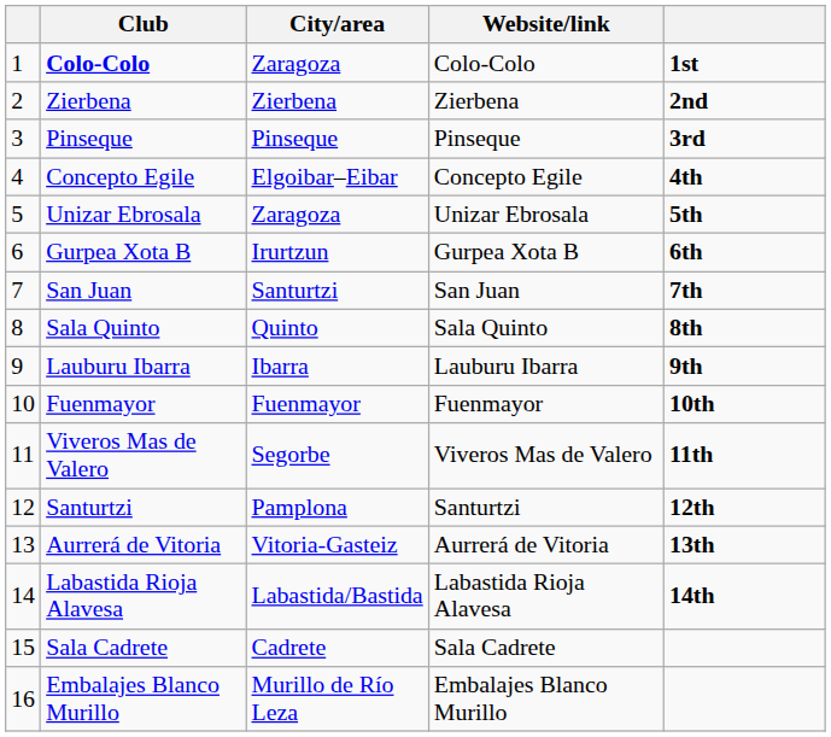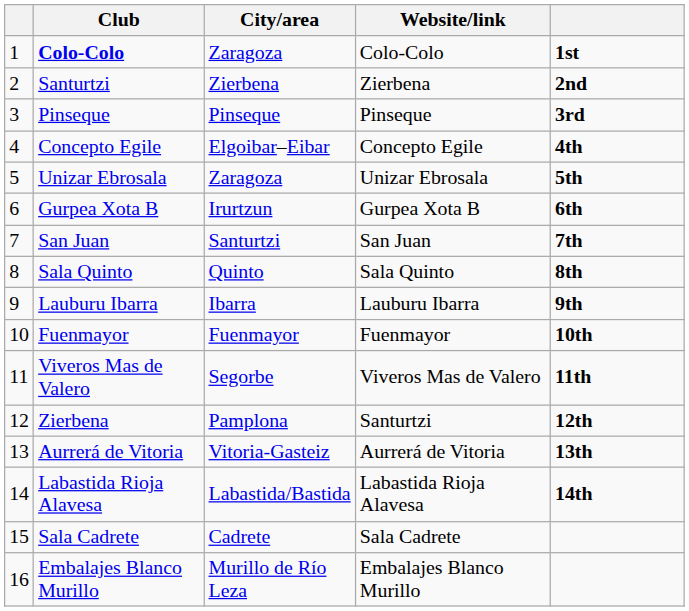 <table class="wikitable sortable">
 <tr>
 <th width=5></th>
 <th width=130>Club</th>
 <th width=95>City/area</th>
 <th width=150>Website/link</th>
 <th width=100></th>
 </tr>
 <tr>
 <td>1</td>
 <td><strong><a href='#'>Colo-Colo</a></strong></td>
 <td><a href='#'>Zaragoza</a></td>
 <td>Colo-Colo</td>
 <td><strong>1st</strong></td>
 </tr>
 <tr>
 <td>2</td>
-<td><a href='#'>Zierbena</a></td>
+<td><a href='#'>Santurtzi</a></td>
 <td><a href='#'>Zierbena</a></td>
 <td>Zierbena</td>
 <td><strong>2nd</strong></td>
 </tr>
 <tr>
 <td>3</td>
 <td><a href='#'>Pinseque</a></td>
 <td><a href='#'>Pinseque</a></td>
 <td>Pinseque</td>
 <td><strong>3rd</strong></td>
 </tr>
 <tr>
 <td>4</td>
 <td><a href='#'>Concepto Egile</a></td>
 <td><a href='#'>Elgoibar</a>–<a href='#'>Eibar</a></td>
 <td>Concepto Egile</td>
 <td><strong>4th</strong></td>
 </tr>
 <tr>
 <td>5</td>
 <td><a href='#'>Unizar Ebrosala</a></td>
 <td><a href='#'>Zaragoza</a></td>
 <td>Unizar Ebrosala</td>
 <td><strong>5th</strong></td>
 </tr>
 <tr>
 <td>6</td>
 <td><a href='#'>Gurpea Xota B</a></td>
 <td><a href='#'>Irurtzun</a></td>
 <td>Gurpea Xota B</td>
 <td><strong>6th</strong></td>
 </tr>
 <tr>
 <td>7</td>
 <td><a href='#'>San Juan</a></td>
 <td><a href='#'>Santurtzi</a></td>
 <td>San Juan</td>
 <td><strong>7th</strong></td>
 </tr>
 <tr>
 <td>8</td>
 <td><a href='#'>Sala Quinto</a></td>
 <td><a href='#'>Quinto</a></td>
 <td>Sala Quinto</td>
 <td><strong>8th</strong></td>
 </tr>
 <tr>
 <td>9</td>
 <td><a href='#'>Lauburu Ibarra</a></td>
 <td><a href='#'>Ibarra</a></td>
 <td>Lauburu Ibarra</td>
 <td><strong>9th</strong></td>
 </tr>
 <tr>
 <td>10</td>
 <td><a href='#'>Fuenmayor</a></td>
 <td><a href='#'>Fuenmayor</a></td>
 <td>Fuenmayor</td>
 <td><strong>10th</strong></td>
 </tr>
 <tr>
 <td>11</td>
 <td><a href='#'>Viveros Mas de Valero</a></td>
 <td><a href='#'>Segorbe</a></td>
 <td>Viveros Mas de Valero</td>
 <td><strong>11th</strong></td>
 </tr>
 <tr>
 <td>12</td>
-<td><a href='#'>Santurtzi</a></td>
+<td><a href='#'>Zierbena</a></td>
 <td><a href='#'>Pamplona</a></td>
 <td>Santurtzi</td>
 <td><strong>12th</strong></td>
 </tr>
 <tr>
 <td>13</td>
 <td><a href='#'>Aurrerá de Vitoria</a></td>
 <td><a href='#'>Vitoria-Gasteiz</a></td>
 <td>Aurrerá de Vitoria</td>
 <td><strong>13th</strong></td>
 </tr>
 <tr>
 <td>14</td>
 <td><a href='#'>Labastida Rioja Alavesa</a></td>
 <td><a href='#'>Labastida/Bastida</a></td>
 <td>Labastida Rioja Alavesa</td>
 <td><strong>14th</strong></td>
 </tr>
 <tr>
 <td>15</td>
 <td><a href='#'>Sala Cadrete</a></td>
 <td><a href='#'>Cadrete</a></td>
 <td>Sala Cadrete</td>
 <td><strong></strong></td>
 </tr>
 <tr>
 <td>16</td>
 <td><a href='#'>Embalajes Blanco Murillo</a></td>
 <td><a href='#'>Murillo de Río Leza</a></td>
 <td>Embalajes Blanco Murillo</td>
 <td><strong></strong></td>
 </tr>
 </table>
